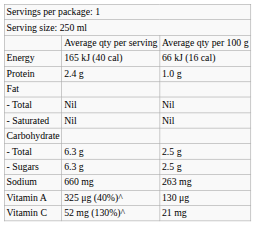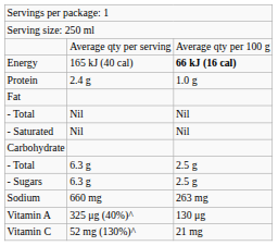 <table class="wikitable">
 <tr>
 <td colspan="3">Servings per package: 1</td>
 </tr>
 <tr>
 <td colspan="3">Serving size: 250 ml</td>
 </tr>
 <tr>
 <td></td>
 <td>Average qty per serving</td>
 <td>Average qty per 100 g</td>
 </tr>
 <tr>
 <td>Energy</td>
 <td>165 kJ (40 cal)</td>
-<td>66 kJ (16 cal)</td>
+<td><strong>66 kJ (16 cal)</strong></td>
 </tr>
 <tr>
 <td>Protein</td>
 <td>2.4 g</td>
 <td>1.0 g</td>
 </tr>
 <tr>
 <td>Fat</td>
 <td></td>
 <td></td>
 </tr>
 <tr>
 <td>- Total</td>
 <td>Nil</td>
 <td>Nil</td>
 </tr>
 <tr>
 <td>- Saturated</td>
 <td>Nil</td>
 <td>Nil</td>
 </tr>
 <tr>
 <td>Carbohydrate</td>
 <td></td>
 <td></td>
 </tr>
 <tr>
 <td>- Total</td>
 <td>6.3 g</td>
 <td>2.5 g</td>
 </tr>
 <tr>
 <td>- Sugars</td>
 <td>6.3 g</td>
 <td>2.5 g</td>
 </tr>
 <tr>
 <td>Sodium</td>
 <td>660 mg</td>
 <td>263 mg</td>
 </tr>
 <tr>
 <td>Vitamin A</td>
 <td>325 μg (40%)^</td>
 <td>130 μg</td>
 </tr>
 <tr>
 <td>Vitamin C</td>
 <td>52 mg (130%)^</td>
 <td>21 mg</td>
 </tr>
 </table>
